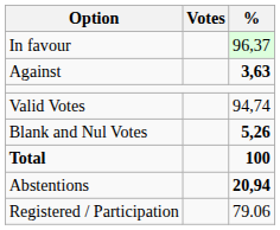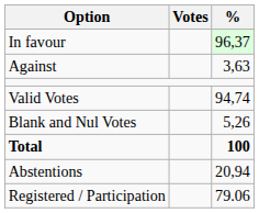 <table class="wikitable" style="text-align:right">
 <tr>
 <th scope=col>Option</th>
 <th scope=col>Votes</th>
 <th scope=col>%</th>
 </tr>
 <tr>
 <td align=left>In favour</td>
 <td></td>
 <td bgcolor=#DDFFDD>96,37</td>
 </tr>
 <tr>
 <td align=left>Against</td>
 <td></td>
-<td><strong>3,63</strong></td>
+<td>3,63</td>
 </tr>
 <tr>
 <td colspan="5"></td>
 </tr>
 <tr>
 <td align=left>Valid Votes</td>
 <td></td>
 <td>94,74</td>
 </tr>
 <tr>
 <td align=left>Blank and Nul Votes</td>
 <td></td>
-<td><strong>5,26</strong></td>
+<td>5,26</td>
 </tr>
 <tr style=font-weight:bold>
 <td align="left">Total</td>
 <td></td>
 <td>100</td>
 </tr>
 <tr>
 <td align="left">Abstentions</td>
 <td></td>
-<td><strong>20,94</strong></td>
+<td>20,94</td>
 </tr>
 <tr>
 <td align="left">Registered / Participation</td>
 <td></td>
 <td>79.06</td>
 </tr>
 </table>
